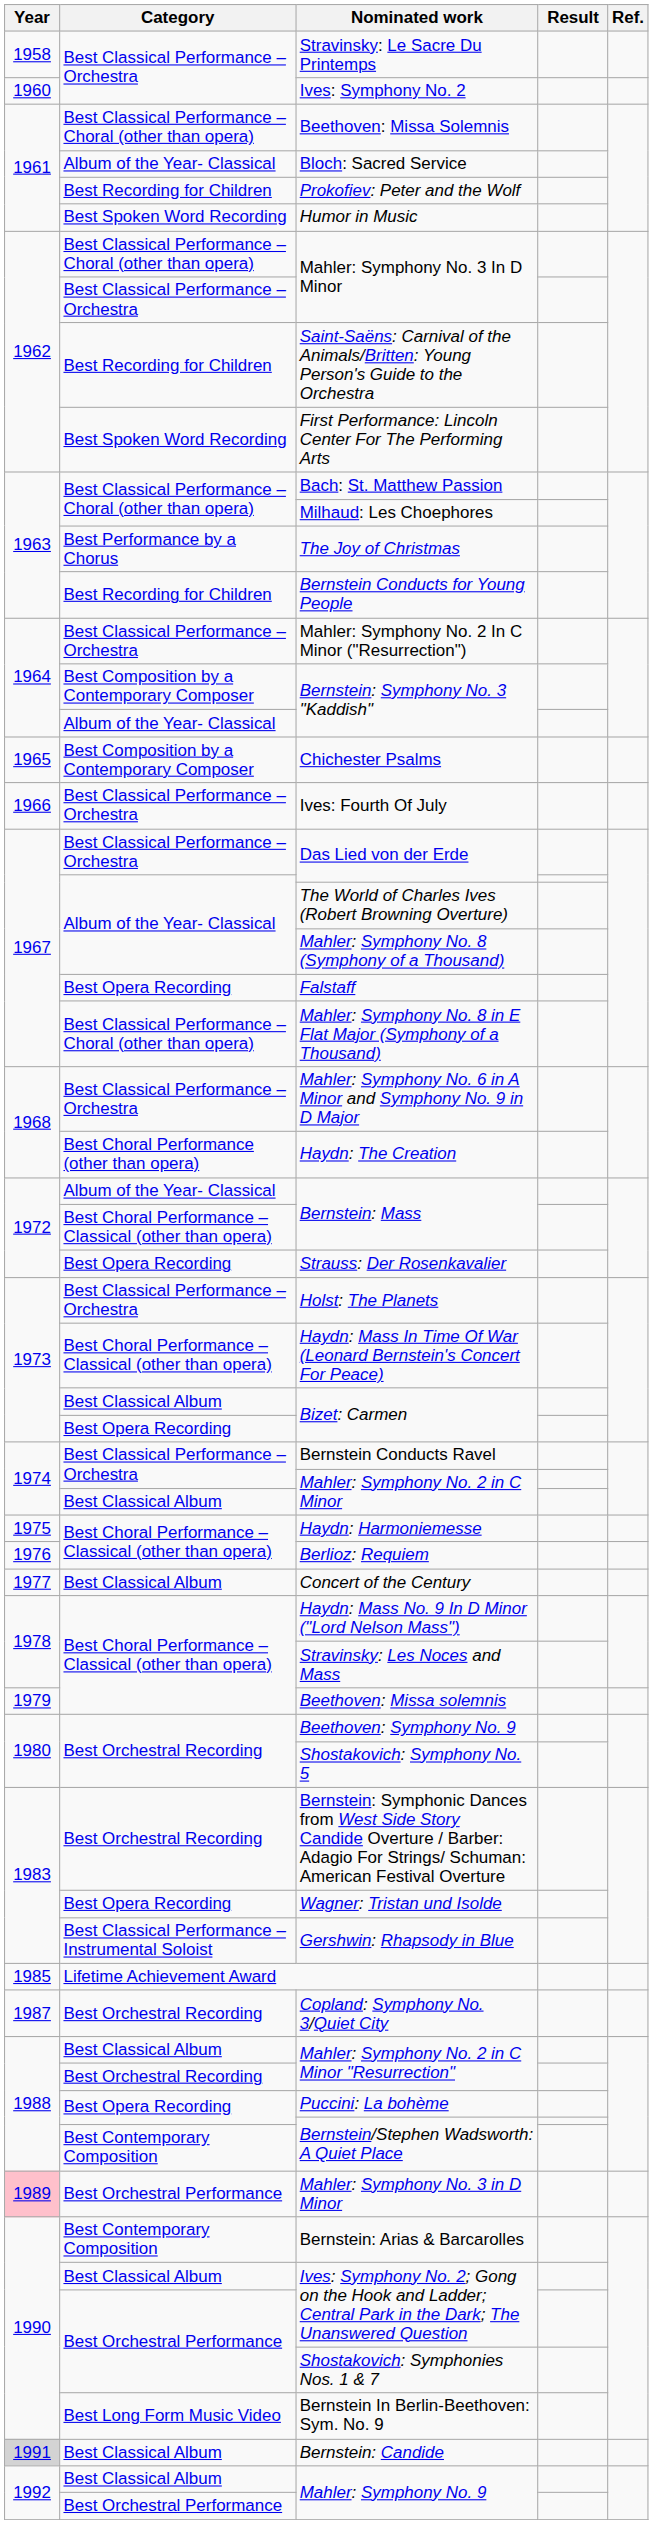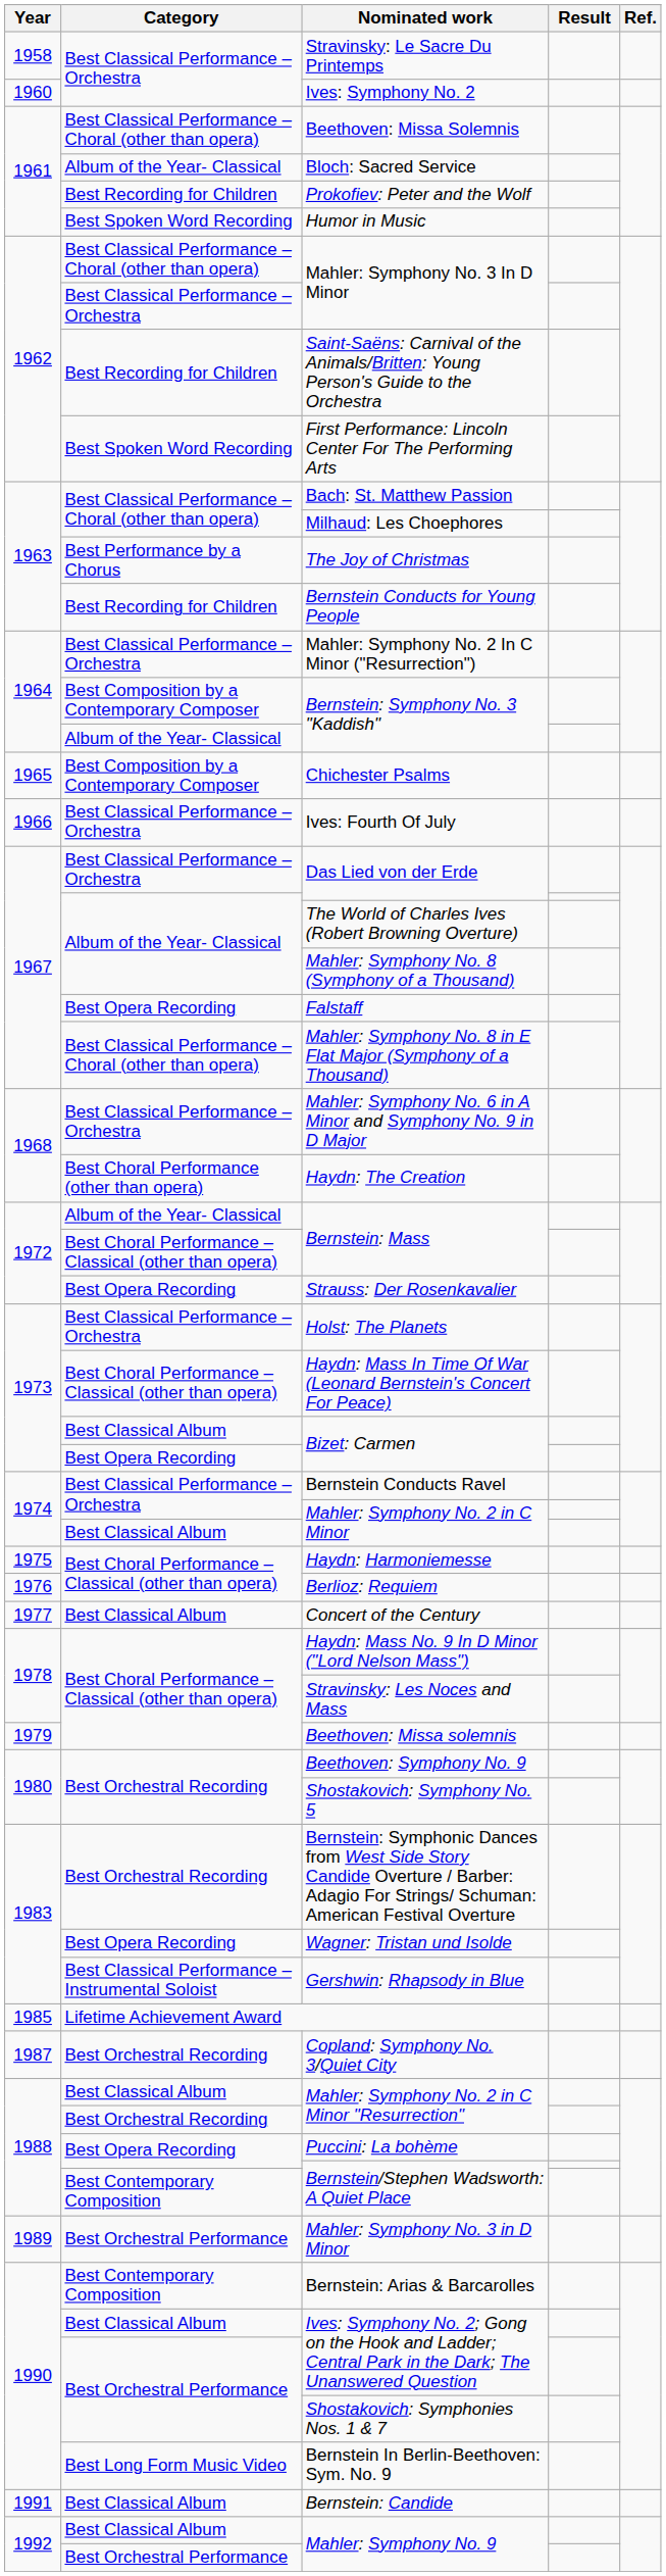 <table class=wikitable>
 <tr>
 <th scope="col" style="width:4em;">Year</th>
 <th scope="col" style="width:29em;">Category</th>
 <th scope="col" style="width:26em;">Nominated work</th>
 <th scope="col" style="width:5em;">Result</th>
 <th>Ref.</th>
 </tr>
 <tr>
 <td style="text-align:center;"><a href='#'>1958</a></td>
 <td rowspan=2><a href='#'>Best Classical Performance – Orchestra</a></td>
 <td><a href='#'>Stravinsky</a>: <a href='#'>Le Sacre Du Printemps</a></td>
 <td></td>
 <td></td>
 </tr>
 <tr>
 <td style="text-align:center;"><a href='#'>1960</a></td>
 <td><a href='#'>Ives</a>: <a href='#'>Symphony No. 2</a></td>
 <td></td>
 <td></td>
 </tr>
 <tr>
 <td style="text-align:center;", rowspan=4><a href='#'>1961</a></td>
 <td><a href='#'>Best Classical Performance – Choral (other than opera)</a></td>
 <td><a href='#'>Beethoven</a>: <a href='#'>Missa Solemnis</a></td>
 <td></td>
 <td rowspan=4></td>
 </tr>
 <tr>
 <td><a href='#'>Album of the Year- Classical</a></td>
 <td><a href='#'>Bloch</a>: Sacred Service</td>
 <td></td>
 </tr>
 <tr>
 <td><a href='#'>Best Recording for Children</a></td>
 <td><em><a href='#'>Prokofiev</a>: Peter and the Wolf</em></td>
 <td></td>
 </tr>
 <tr>
 <td><a href='#'>Best Spoken Word Recording</a></td>
 <td><em>Humor in Music</em></td>
 <td></td>
 </tr>
 <tr>
 <td style="text-align:center;", rowspan=4><a href='#'>1962</a></td>
 <td><a href='#'>Best Classical Performance – Choral (other than opera)</a></td>
 <td rowspan=2>Mahler: Symphony No. 3 In D Minor</td>
 <td></td>
 <td rowspan=4></td>
 </tr>
 <tr>
 <td><a href='#'>Best Classical Performance – Orchestra</a></td>
 <td></td>
 </tr>
 <tr>
 <td><a href='#'>Best Recording for Children</a></td>
 <td><em><a href='#'>Saint-Saëns</a>: Carnival of the Animals/<a href='#'>Britten</a>: Young Person's Guide to the Orchestra</em></td>
 <td></td>
 </tr>
 <tr>
 <td><a href='#'>Best Spoken Word Recording</a></td>
 <td><em>First Performance: Lincoln Center For The Performing Arts</em></td>
 <td></td>
 </tr>
 <tr>
 <td style="text-align:center;", rowspan=4><a href='#'>1963</a></td>
 <td rowspan=2><a href='#'>Best Classical Performance – Choral (other than opera)</a></td>
 <td><a href='#'>Bach</a>: <a href='#'>St. Matthew Passion</a></td>
 <td></td>
 <td rowspan=4></td>
 </tr>
 <tr>
 <td><a href='#'>Milhaud</a>: Les Choephores</td>
 <td></td>
 </tr>
 <tr>
 <td><a href='#'>Best Performance by a Chorus</a></td>
 <td><em><a href='#'>The Joy of Christmas</a></em></td>
 <td></td>
 </tr>
 <tr>
 <td><a href='#'>Best Recording for Children</a></td>
 <td><em><a href='#'>Bernstein Conducts for Young People</a></em></td>
 <td></td>
 </tr>
 <tr>
 <td style="text-align:center;", rowspan=3><a href='#'>1964</a></td>
 <td><a href='#'>Best Classical Performance – Orchestra</a></td>
 <td>Mahler: Symphony No. 2 In C Minor ("Resurrection")</td>
 <td></td>
 <td rowspan=3></td>
 </tr>
 <tr>
 <td><a href='#'>Best Composition by a Contemporary Composer</a></td>
 <td rowspan=2><em><a href='#'>Bernstein</a>: <a href='#'>Symphony No. 3</a> "Kaddish"</em></td>
 <td></td>
 </tr>
 <tr>
 <td><a href='#'>Album of the Year- Classical</a></td>
 <td></td>
 </tr>
 <tr>
 <td style="text-align:center;"><a href='#'>1965</a></td>
 <td><a href='#'>Best Composition by a Contemporary Composer</a></td>
 <td><a href='#'>Chichester Psalms</a></td>
 <td></td>
 <td></td>
 </tr>
 <tr>
 <td style="text-align:center;"><a href='#'>1966</a></td>
 <td><a href='#'>Best Classical Performance – Orchestra</a></td>
 <td>Ives: Fourth Of July</td>
 <td></td>
 <td></td>
 </tr>
 <tr>
 <td style="text-align:center;", rowspan=6><a href='#'>1967</a></td>
 <td><a href='#'>Best Classical Performance – Orchestra</a></td>
 <td rowspan=2><a href='#'>Das Lied von der Erde</a></td>
 <td></td>
 <td rowspan=6></td>
 </tr>
 <tr>
 <td rowspan=3><a href='#'>Album of the Year- Classical</a></td>
 <td></td>
 </tr>
 <tr>
 <td><em>The World of Charles Ives (Robert Browning Overture)</em></td>
 <td></td>
 </tr>
 <tr>
 <td><em><a href='#'>Mahler</a>: <a href='#'>Symphony No. 8 (Symphony of a Thousand)</a></em></td>
 <td></td>
 </tr>
 <tr>
 <td><a href='#'>Best Opera Recording</a></td>
 <td><em><a href='#'>Falstaff</a></em></td>
 <td></td>
 </tr>
 <tr>
 <td><a href='#'>Best Classical Performance – Choral (other than opera)</a></td>
 <td><em><a href='#'>Mahler</a>: <a href='#'>Symphony No. 8 in E Flat Major (Symphony of a Thousand)</a></em></td>
 <td></td>
 </tr>
 <tr>
 <td style="text-align:center;", rowspan=2><a href='#'>1968</a></td>
 <td><a href='#'>Best Classical Performance – Orchestra</a></td>
 <td><em><a href='#'>Mahler</a>: <a href='#'>Symphony No. 6 in A Minor</a> and  <a href='#'>Symphony No. 9 in D Major</a></em></td>
 <td></td>
 <td rowspan=2></td>
 </tr>
 <tr>
 <td><a href='#'>Best Choral Performance (other than opera)</a></td>
 <td><em><a href='#'>Haydn</a>: <a href='#'>The Creation</a></em></td>
 <td></td>
 </tr>
 <tr>
 <td style="text-align:center;", rowspan=3><a href='#'>1972</a></td>
 <td><a href='#'>Album of the Year- Classical</a></td>
 <td rowspan=2><em><a href='#'>Bernstein</a>: <a href='#'>Mass</a></em></td>
 <td></td>
 <td rowspan=3></td>
 </tr>
 <tr>
 <td><a href='#'>Best Choral Performance – Classical (other than opera)</a></td>
 <td></td>
 </tr>
 <tr>
 <td><a href='#'>Best Opera Recording</a></td>
 <td><em><a href='#'>Strauss</a>: <a href='#'>Der Rosenkavalier</a></em></td>
 <td></td>
 </tr>
 <tr>
 <td style="text-align:center;", rowspan=4><a href='#'>1973</a></td>
 <td><a href='#'>Best Classical Performance – Orchestra</a></td>
 <td><em><a href='#'>Holst</a>: <a href='#'>The Planets</a></em></td>
 <td></td>
 <td rowspan=4></td>
 </tr>
 <tr>
 <td><a href='#'>Best Choral Performance – Classical (other than opera)</a></td>
 <td><em><a href='#'>Haydn</a>: <a href='#'>Mass In Time Of War (Leonard Bernstein's Concert For Peace)</a></em></td>
 <td></td>
 </tr>
 <tr>
 <td><a href='#'>Best Classical Album</a></td>
 <td rowspan=2><em><a href='#'>Bizet</a>: Carmen</em></td>
 <td></td>
 </tr>
 <tr>
 <td><a href='#'>Best Opera Recording</a></td>
 <td></td>
 </tr>
 <tr>
 <td style="text-align:center;", rowspan=3><a href='#'>1974</a></td>
 <td rowspan=2><a href='#'>Best Classical Performance – Orchestra</a></td>
 <td>Bernstein Conducts Ravel</td>
 <td></td>
 <td rowspan=3></td>
 </tr>
 <tr>
 <td rowspan=2><em><a href='#'>Mahler</a>: <a href='#'>Symphony No. 2 in C Minor</a></em></td>
 <td></td>
 </tr>
 <tr>
 <td><a href='#'>Best Classical Album</a></td>
 <td></td>
 </tr>
 <tr>
 <td style="text-align:center;"><a href='#'>1975</a></td>
 <td rowspan=2><a href='#'>Best Choral Performance – Classical (other than opera)</a></td>
 <td><em><a href='#'>Haydn</a>: <a href='#'>Harmoniemesse </a></em></td>
 <td></td>
 <td></td>
 </tr>
 <tr>
 <td style="text-align:center;"><a href='#'>1976</a></td>
 <td><em><a href='#'>Berlioz</a>: <a href='#'>Requiem</a></em></td>
 <td></td>
 <td></td>
 </tr>
 <tr>
 <td style="text-align:center;"><a href='#'>1977</a></td>
 <td><a href='#'>Best Classical Album</a></td>
 <td><em>Concert of the Century</em></td>
 <td></td>
 <td></td>
 </tr>
 <tr>
 <td style="text-align:center;", rowspan=2><a href='#'>1978</a></td>
 <td rowspan=3><a href='#'>Best Choral Performance – Classical (other than opera)</a></td>
 <td><em><a href='#'>Haydn</a>: <a href='#'>Mass No. 9 In D Minor ("Lord Nelson Mass")</a></em></td>
 <td></td>
 <td rowspan=2></td>
 </tr>
 <tr>
 <td><em><a href='#'>Stravinsky</a>: <a href='#'>Les Noces</a> and <a href='#'>Mass</a></em></td>
 <td></td>
 </tr>
 <tr>
 <td style="text-align:center;"><a href='#'>1979</a></td>
 <td><em><a href='#'>Beethoven</a>: <a href='#'>Missa solemnis</a></em></td>
 <td></td>
 </tr>
 <tr>
 <td style="text-align:center;", rowspan=2><a href='#'>1980</a></td>
 <td rowspan=2><a href='#'>Best Orchestral Recording</a></td>
 <td><em><a href='#'>Beethoven</a>: <a href='#'>Symphony No. 9</a></em></td>
 <td></td>
 <td rowspan=2></td>
 </tr>
 <tr>
 <td><em><a href='#'>Shostakovich</a>: <a href='#'>Symphony No. 5</a></em></td>
 <td></td>
 </tr>
 <tr>
 <td style="text-align:center;", rowspan=3><a href='#'>1983</a></td>
 <td><a href='#'>Best Orchestral Recording</a></td>
 <td><a href='#'>Bernstein</a>: Symphonic Dances from <em><a href='#'>West Side Story</a></em> <br> <a href='#'>Candide</a> Overture / Barber: Adagio For Strings/ Schuman: American Festival Overture</td>
 <td></td>
 <td rowspan=3></td>
 </tr>
 <tr>
 <td><a href='#'>Best Opera Recording</a></td>
 <td><em><a href='#'>Wagner</a>: <a href='#'>Tristan und Isolde</a></em></td>
 <td></td>
 </tr>
 <tr>
 <td><a href='#'>Best Classical Performance – Instrumental Soloist</a></td>
 <td><em><a href='#'>Gershwin</a>: <a href='#'>Rhapsody in Blue</a></em></td>
 <td></td>
 </tr>
 <tr>
 <td style="text-align:center;"><a href='#'>1985</a></td>
 <td colspan=2><a href='#'>Lifetime Achievement Award</a></td>
 <td></td>
 <td></td>
 </tr>
 <tr>
 <td style="text-align:center;"><a href='#'>1987</a></td>
 <td><a href='#'>Best Orchestral Recording</a></td>
 <td><em><a href='#'>Copland</a>: <a href='#'>Symphony No. 3</a>/<a href='#'>Quiet City</a></em></td>
 <td></td>
 <td></td>
 </tr>
 <tr>
 <td style="text-align:center;", rowspan=5><a href='#'>1988</a></td>
 <td><a href='#'>Best Classical Album</a></td>
 <td rowspan=2><em><a href='#'>Mahler</a>: <a href='#'>Symphony No. 2 in C Minor "Resurrection"</a></em></td>
 <td></td>
 <td rowspan=5></td>
 </tr>
 <tr>
 <td><a href='#'>Best Orchestral Recording</a></td>
 <td></td>
 </tr>
 <tr>
 <td rowspan=2><a href='#'>Best Opera Recording</a></td>
 <td><em><a href='#'>Puccini</a>: <a href='#'>La bohème</a></em></td>
 <td></td>
 </tr>
 <tr>
 <td rowspan=2><em><a href='#'>Bernstein</a>/Stephen Wadsworth: <a href='#'>A Quiet Place</a></em></td>
 <td></td>
 </tr>
 <tr>
 <td><a href='#'>Best Contemporary Composition</a></td>
 <td></td>
 </tr>
 <tr>
-<td style="background: pink; text-align:center;"><a href='#'>1989</a></td>
+<td style="text-align:center;"><a href='#'>1989</a></td>
 <td><a href='#'>Best Orchestral Performance</a></td>
 <td><em><a href='#'>Mahler</a>: <a href='#'>Symphony No. 3 in D Minor</a></em></td>
 <td></td>
 <td></td>
 </tr>
 <tr>
 <td style="text-align:center;", rowspan=5><a href='#'>1990</a></td>
 <td><a href='#'>Best Contemporary Composition</a></td>
 <td>Bernstein: Arias & Barcarolles</td>
 <td></td>
 <td rowspan=5></td>
 </tr>
 <tr>
 <td><a href='#'>Best Classical Album</a></td>
 <td rowspan=2><em><a href='#'>Ives</a>: <a href='#'>Symphony No. 2</a>; Gong on the Hook and Ladder; <a href='#'>Central Park in the Dark</a>; <a href='#'>The Unanswered Question</a></em></td>
 <td></td>
 </tr>
 <tr>
 <td rowspan=2><a href='#'>Best Orchestral Performance</a></td>
 <td></td>
 </tr>
 <tr>
 <td><em><a href='#'>Shostakovich</a>: Symphonies Nos. 1 & 7</em></td>
 <td></td>
 </tr>
 <tr>
 <td><a href='#'>Best Long Form Music Video</a></td>
 <td>Bernstein In Berlin-Beethoven: Sym. No. 9</td>
 <td></td>
 </tr>
 <tr>
-<td style="background: lightgrey; text-align:center;"><a href='#'>1991</a></td>
+<td style="text-align:center;"><a href='#'>1991</a></td>
 <td><a href='#'>Best Classical Album</a></td>
 <td><em>Bernstein: <a href='#'>Candide</a></em></td>
 <td></td>
 <td></td>
 </tr>
 <tr>
 <td style="text-align:center;", rowspan=2><a href='#'>1992</a></td>
 <td><a href='#'>Best Classical Album</a></td>
 <td rowspan=2><em><a href='#'>Mahler</a>: <a href='#'>Symphony No. 9</a></em></td>
 <td></td>
 <td rowspan=2></td>
 </tr>
 <tr>
 <td><a href='#'>Best Orchestral Performance</a></td>
 <td></td>
 </tr>
 <tr>
 </tr>
 </table>
